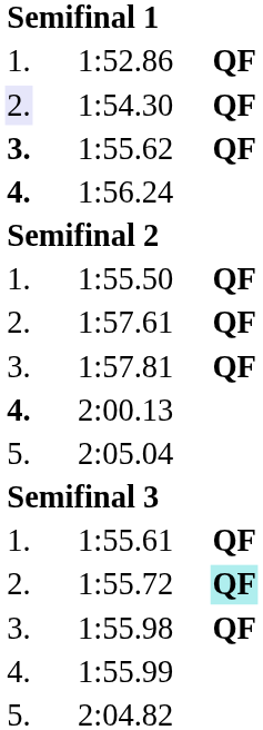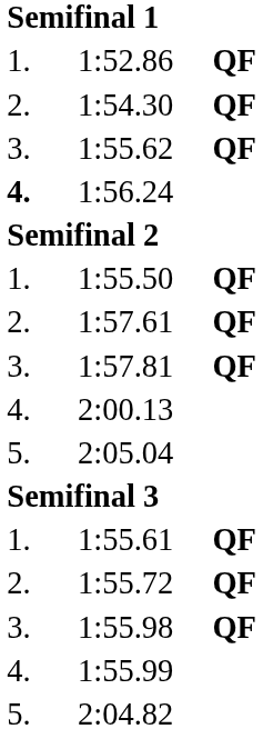 <table style="text-align:center">
 <tr>
 <td colspan=4 align=left><strong>Semifinal 1</strong></td>
 </tr>
 <tr>
 <td width-30>1.</td>
 <td align=left></td>
 <td width=80>1:52.86</td>
 <td><strong>QF</strong></td>
 </tr>
 <tr>
-<td style="background: lavender;">2.</td>
+<td>2.</td>
 <td align=left></td>
 <td>1:54.30</td>
 <td><strong>QF</strong></td>
 </tr>
 <tr>
-<td><strong>3.</strong></td>
+<td>3.</td>
 <td align=left></td>
 <td>1:55.62</td>
 <td><strong>QF</strong></td>
 </tr>
 <tr>
 <td><strong>4.</strong></td>
 <td align=left></td>
 <td>1:56.24</td>
 <td></td>
 </tr>
 <tr>
 <td colspan=4 align=left><strong>Semifinal 2</strong></td>
 </tr>
 <tr>
 <td width-30>1.</td>
 <td align=left></td>
 <td width=80>1:55.50</td>
 <td><strong>QF</strong></td>
 </tr>
 <tr>
 <td>2.</td>
 <td align=left></td>
 <td>1:57.61</td>
 <td><strong>QF</strong></td>
 </tr>
 <tr>
 <td>3.</td>
 <td align=left></td>
 <td>1:57.81</td>
 <td><strong>QF</strong></td>
 </tr>
 <tr>
-<td><strong>4.</strong></td>
+<td>4.</td>
 <td align=left></td>
 <td>2:00.13</td>
 <td></td>
 </tr>
 <tr>
 <td>5.</td>
 <td align=left></td>
 <td>2:05.04</td>
 <td></td>
 </tr>
 <tr>
 <td colspan=4 align=left><strong>Semifinal 3</strong></td>
 </tr>
 <tr>
 <td width-30>1.</td>
 <td align=left></td>
 <td width=80>1:55.61</td>
 <td><strong>QF</strong></td>
 </tr>
 <tr>
 <td>2.</td>
 <td align=left></td>
 <td>1:55.72</td>
-<td style="background: paleturquoise;"><strong>QF</strong></td>
+<td><strong>QF</strong></td>
 </tr>
 <tr>
 <td>3.</td>
 <td align=left></td>
 <td>1:55.98</td>
 <td><strong>QF</strong></td>
 </tr>
 <tr>
 <td>4.</td>
 <td align=left></td>
 <td>1:55.99</td>
 <td></td>
 </tr>
 <tr>
 <td>5.</td>
 <td align=left></td>
 <td>2:04.82</td>
 <td></td>
 </tr>
 </table>
